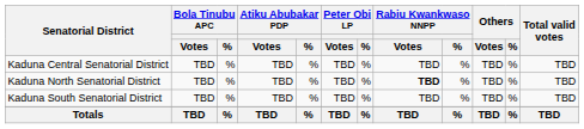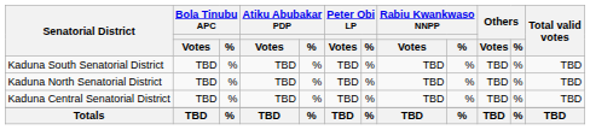 <table class="wikitable sortable" style="text-align:right; font-size:90%">
 <tr>
 <th rowspan="3" style="max-width:7.5em;">Senatorial District</th>
 <th colspan="2"><a href='#'>Bola Tinubu</a><br><small>APC</small></th>
 <th colspan="2"><a href='#'>Atiku Abubakar</a><br><small>PDP</small></th>
 <th colspan="2"><a href='#'>Peter Obi</a><br><small>LP</small></th>
 <th colspan="2"><a href='#'>Rabiu Kwankwaso</a><br><small>NNPP</small></th>
 <th colspan="2" rowspan="2">Others</th>
 <th rowspan="3" style="max-width:5em;">Total valid votes</th>
 </tr>
 <tr>
 <th colspan=2 style="background-color:"></th>
 <th colspan=2 style="background-color:"></th>
 <th colspan=2 style="background-color:"></th>
 <th colspan=2 style="background-color:"></th>
 </tr>
 <tr>
 <th>Votes</th>
 <th>%</th>
 <th>Votes</th>
 <th>%</th>
 <th>Votes</th>
 <th>%</th>
 <th>Votes</th>
 <th>%</th>
 <th>Votes</th>
 <th>%</th>
 </tr>
 <tr style="background-color:#">
-<td style="text-align:left;">Kaduna Central Senatorial District</td>
+<td style="text-align:left;">Kaduna South Senatorial District</td>
 <td>TBD</td>
 <td>%</td>
 <td>TBD</td>
 <td>%</td>
 <td>TBD</td>
 <td>%</td>
 <td>TBD</td>
 <td>%</td>
 <td>TBD</td>
 <td>%</td>
 <td>TBD</td>
 </tr>
 <tr style="background-color:#">
 <td style="text-align:left;">Kaduna North Senatorial District</td>
 <td>TBD</td>
 <td>%</td>
 <td>TBD</td>
 <td>%</td>
 <td>TBD</td>
 <td>%</td>
-<td><strong>TBD</strong></td>
+<td>TBD</td>
 <td>%</td>
 <td>TBD</td>
 <td>%</td>
 <td>TBD</td>
 </tr>
 <tr style="background-color:#">
-<td style="text-align:left;">Kaduna South Senatorial District</td>
+<td style="text-align:left;">Kaduna Central Senatorial District</td>
 <td>TBD</td>
 <td>%</td>
 <td>TBD</td>
 <td>%</td>
 <td>TBD</td>
 <td>%</td>
 <td>TBD</td>
 <td>%</td>
 <td>TBD</td>
 <td>%</td>
 <td>TBD</td>
 </tr>
 <tr>
 </tr>
 <tr>
 <th>Totals</th>
 <th>TBD</th>
 <th>%</th>
 <th>TBD</th>
 <th>%</th>
 <th>TBD</th>
 <th>%</th>
 <th>TBD</th>
 <th>%</th>
 <th>TBD</th>
 <th>%</th>
 <th>TBD</th>
 </tr>
 </table>
